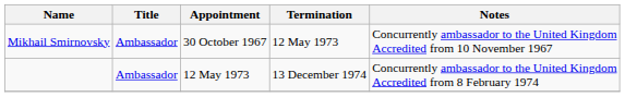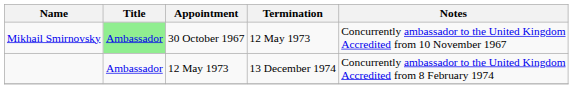 <table class="wikitable">
 <tr valign="middle">
 <th>Name</th>
 <th>Title</th>
 <th>Appointment</th>
 <th>Termination</th>
 <th>Notes</th>
 </tr>
 <tr>
 <td><a href='#'>Mikhail Smirnovsky</a></td>
-<td><a href='#'>Ambassador</a></td>
+<td style="background: lightgreen;"><a href='#'>Ambassador</a></td>
 <td>30 October 1967</td>
 <td>12 May 1973</td>
 <td>Concurrently <a href='#'>ambassador to the United Kingdom</a><br><a href='#'>Accredited</a> from 10 November 1967</td>
 </tr>
 <tr>
 <td></td>
 <td><a href='#'>Ambassador</a></td>
 <td>12 May 1973</td>
 <td>13 December 1974</td>
 <td>Concurrently <a href='#'>ambassador to the United Kingdom</a><br><a href='#'>Accredited</a> from 8 February 1974</td>
 </tr>
 <tr>
 </tr>
 </table>
